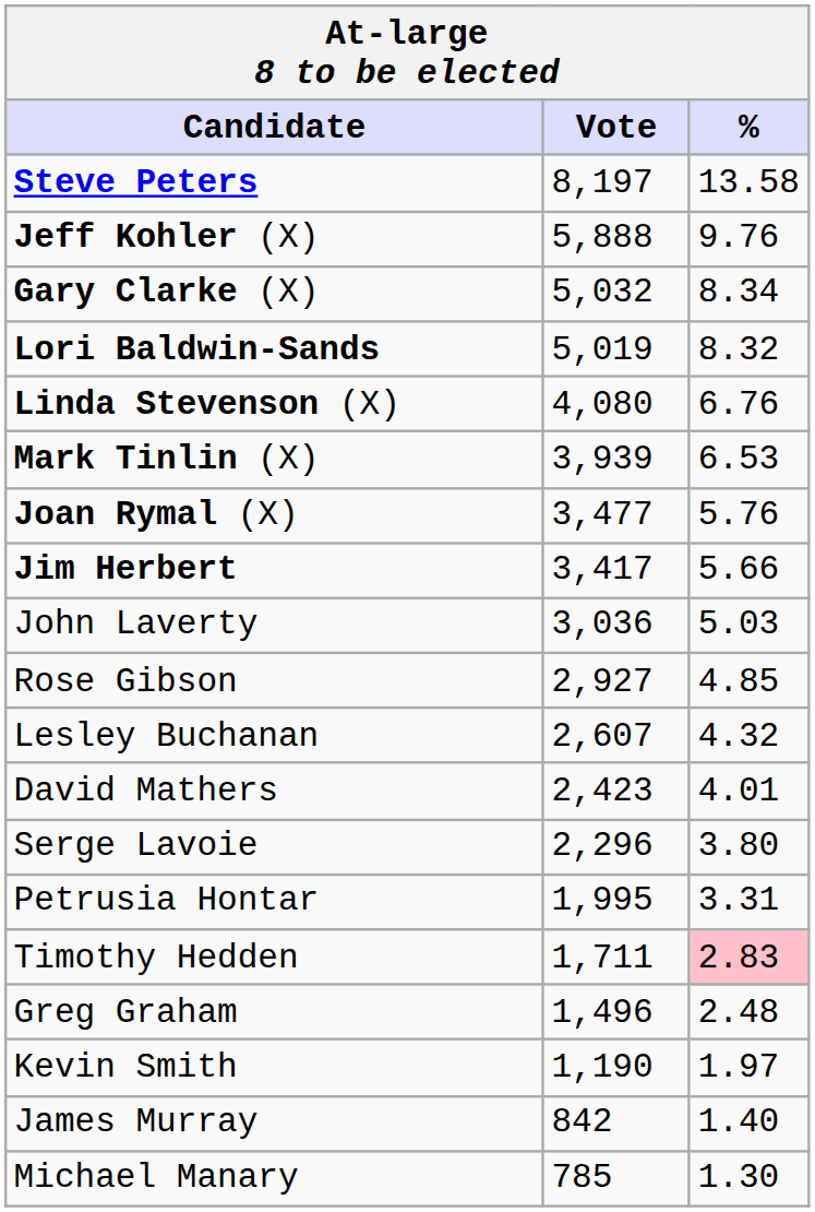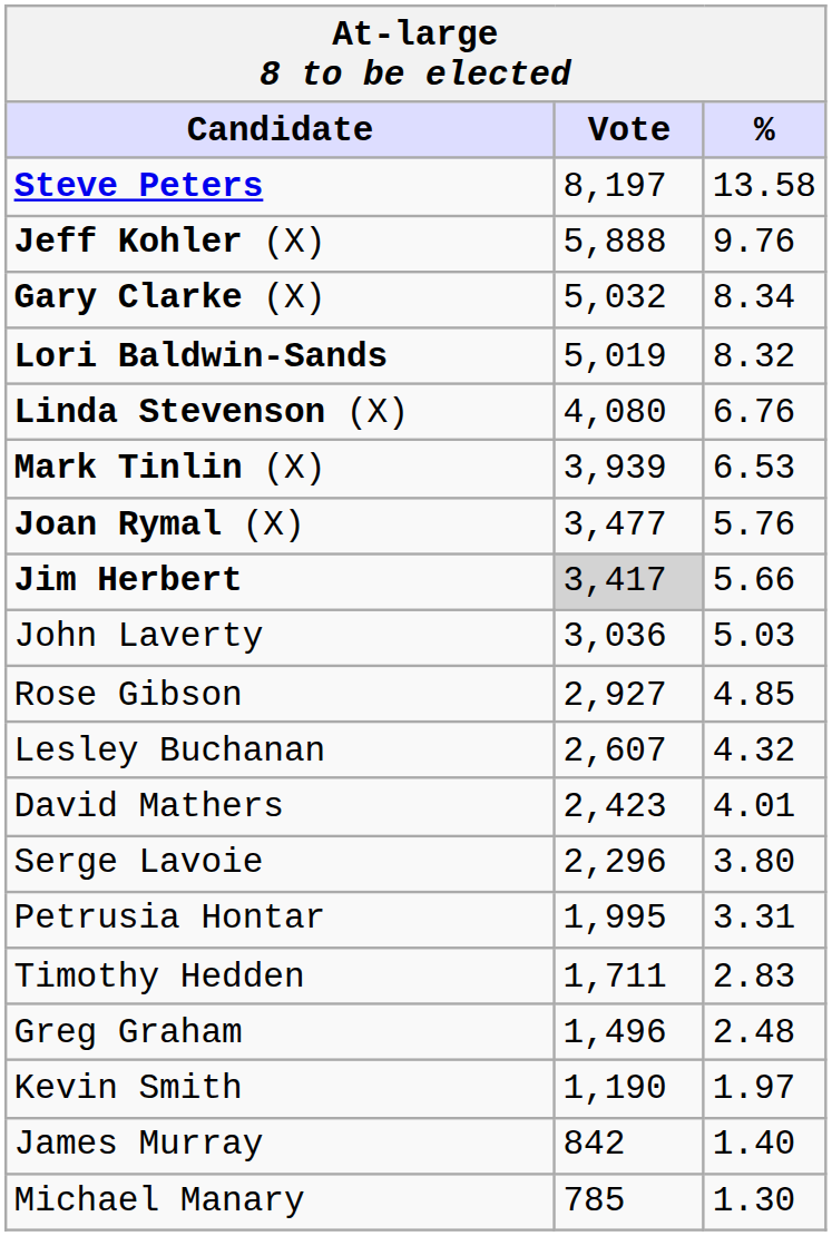 <table class=wikitable>
 <tr>
 <th colspan="3">At-large <br> <em>8 to be elected</em></th>
 </tr>
 <tr>
 <th style="background:#ddf; width:200px;">Candidate</th>
 <th style="background:#ddf; width:50px;">Vote</th>
 <th style="background:#ddf; width:30px;">%</th>
 </tr>
 <tr>
 <td><strong><a href='#'>Steve Peters</a></strong></td>
 <td>8,197</td>
 <td>13.58</td>
 </tr>
 <tr>
 <td><strong>Jeff Kohler</strong> (X)</td>
 <td>5,888</td>
 <td>9.76</td>
 </tr>
 <tr>
 <td><strong>Gary Clarke</strong> (X)</td>
 <td>5,032</td>
 <td>8.34</td>
 </tr>
 <tr>
 <td><strong>Lori Baldwin-Sands</strong></td>
 <td>5,019</td>
 <td>8.32</td>
 </tr>
 <tr>
 <td><strong>Linda Stevenson</strong> (X)</td>
 <td>4,080</td>
 <td>6.76</td>
 </tr>
 <tr>
 <td><strong>Mark Tinlin</strong> (X)</td>
 <td>3,939</td>
 <td>6.53</td>
 </tr>
 <tr>
 <td><strong>Joan Rymal</strong> (X)</td>
 <td>3,477</td>
 <td>5.76</td>
 </tr>
 <tr>
 <td><strong>Jim Herbert</strong></td>
-<td>3,417</td>
+<td style="background: lightgrey;">3,417</td>
 <td>5.66</td>
 </tr>
 <tr>
 <td>John Laverty</td>
 <td>3,036</td>
 <td>5.03</td>
 </tr>
 <tr>
 <td>Rose Gibson</td>
 <td>2,927</td>
 <td>4.85</td>
 </tr>
 <tr>
 <td>Lesley Buchanan</td>
 <td>2,607</td>
 <td>4.32</td>
 </tr>
 <tr>
 <td>David Mathers</td>
 <td>2,423</td>
 <td>4.01</td>
 </tr>
 <tr>
 <td>Serge Lavoie</td>
 <td>2,296</td>
 <td>3.80</td>
 </tr>
 <tr>
 <td>Petrusia Hontar</td>
 <td>1,995</td>
 <td>3.31</td>
 </tr>
 <tr>
 <td>Timothy Hedden</td>
 <td>1,711</td>
-<td style="background: pink;">2.83</td>
+<td>2.83</td>
 </tr>
 <tr>
 <td>Greg Graham</td>
 <td>1,496</td>
 <td>2.48</td>
 </tr>
 <tr>
 <td>Kevin Smith</td>
 <td>1,190</td>
 <td>1.97</td>
 </tr>
 <tr>
 <td>James Murray</td>
 <td>842</td>
 <td>1.40</td>
 </tr>
 <tr>
 <td>Michael Manary</td>
 <td>785</td>
 <td>1.30</td>
 </tr>
 </table>
